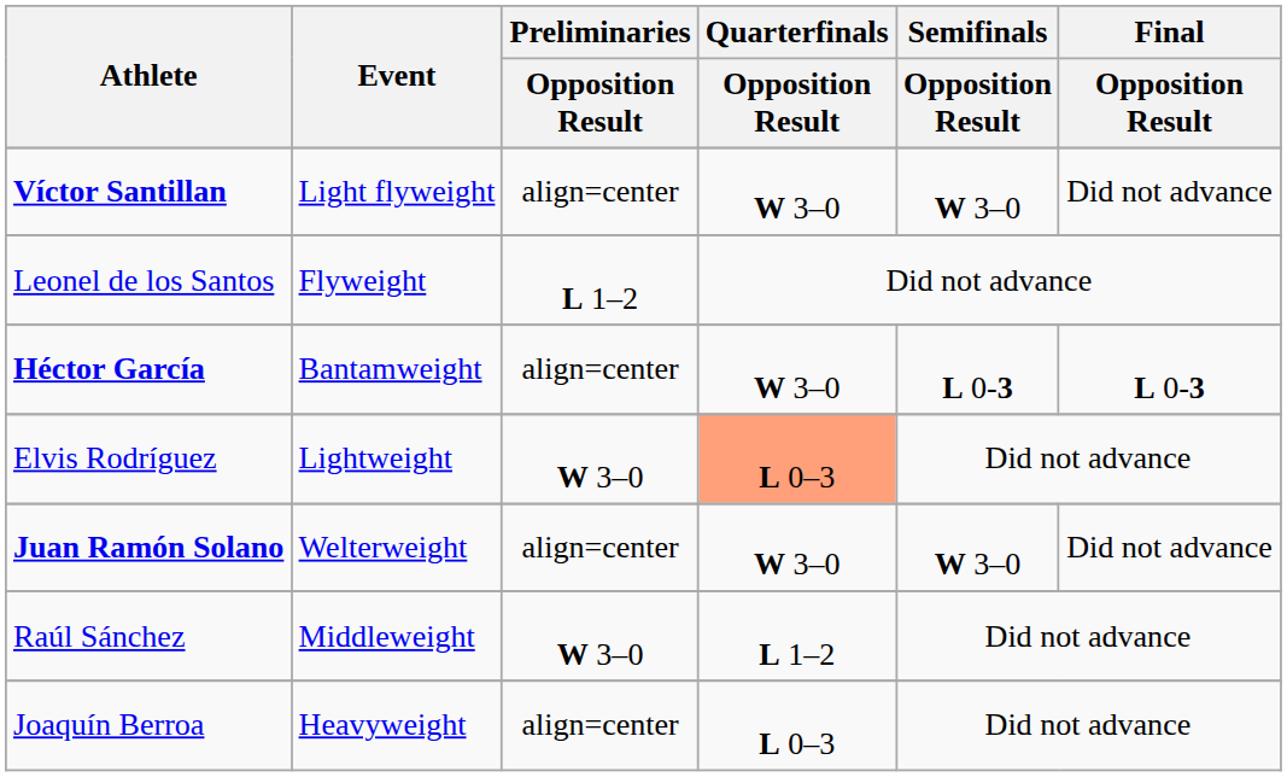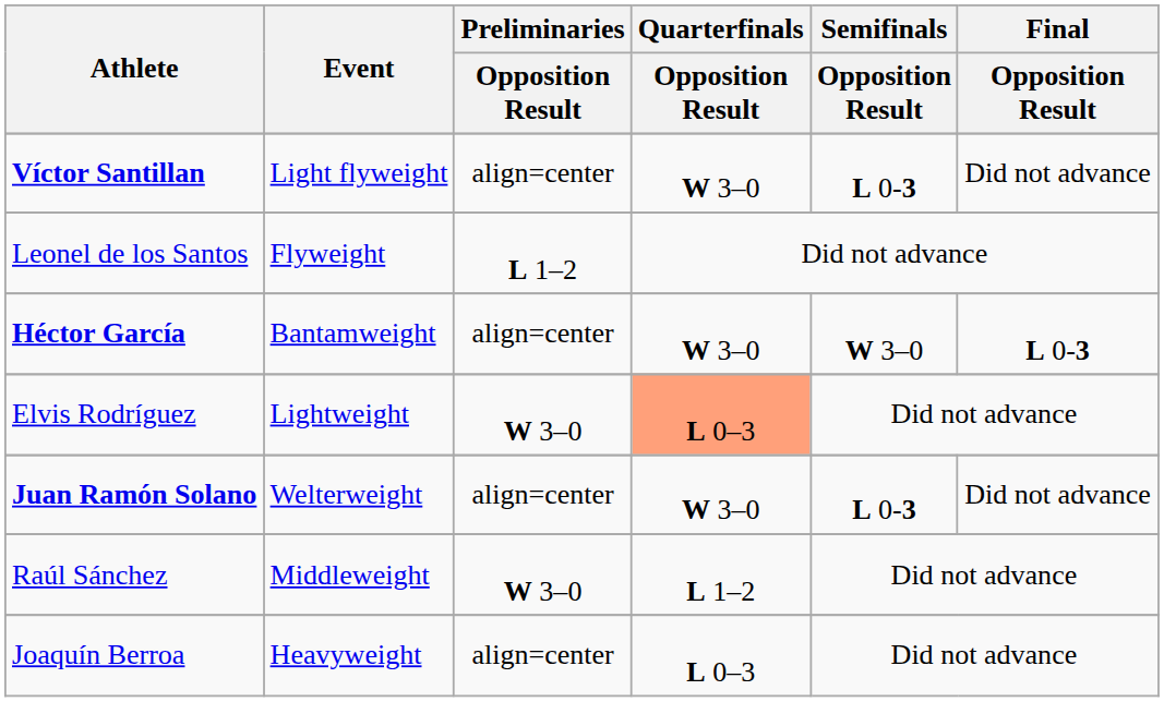 <table class="wikitable" border="1" style="font-size:90%">
 <tr>
 <th rowspan=2>Athlete</th>
 <th rowspan=2>Event</th>
 <th>Preliminaries</th>
 <th>Quarterfinals</th>
 <th>Semifinals</th>
 <th>Final</th>
 </tr>
 <tr>
 <th>Opposition<br>Result</th>
 <th>Opposition<br>Result</th>
 <th>Opposition<br>Result</th>
 <th>Opposition<br>Result</th>
 </tr>
 <tr>
 </tr>
 <tr align=center>
 <td align=left><strong><a href='#'>Víctor Santillan</a></strong></td>
 <td align=left><a href='#'>Light flyweight</a></td>
 <td>align=center </td>
 <td><br><strong>W</strong> 3–0</td>
-<td align=center><br><strong>W</strong> 3–0</td>
+<td><br><strong>L</strong> 0-<strong>3</strong> </td>
 <td>Did not advance</td>
 </tr>
 <tr>
 </tr>
 <tr align=center>
 <td align=left><a href='#'>Leonel de los Santos</a></td>
 <td align=left><a href='#'>Flyweight</a></td>
 <td><br><strong>L</strong> 1–2</td>
 <td colspan=3>Did not advance</td>
 </tr>
 <tr>
 </tr>
 <tr align=center>
 <td align=left><strong><a href='#'>Héctor García</a> </strong></td>
 <td align=left><a href='#'>Bantamweight</a></td>
 <td>align=center </td>
 <td><br><strong>W</strong> 3–0</td>
-<td><br><strong>L</strong> 0-<strong>3</strong> </td>
+<td align=center><br><strong>W</strong> 3–0</td>
 <td align=center><br><strong>L</strong> 0-<strong>3</strong> </td>
 </tr>
 <tr>
 </tr>
 <tr align=center>
 <td align=left><a href='#'>Elvis Rodríguez</a></td>
 <td align=left><a href='#'>Lightweight</a></td>
 <td><br><strong>W</strong> 3–0</td>
 <td style="background: lightsalmon;"><br><strong>L</strong> 0–3</td>
 <td colspan=2>Did not advance</td>
 </tr>
 <tr>
 </tr>
 <tr align=center>
 <td align=left><strong><a href='#'>Juan Ramón Solano</a></strong></td>
 <td align=left><a href='#'>Welterweight</a></td>
 <td>align=center </td>
 <td><br><strong>W</strong> 3–0</td>
-<td align=center><br><strong>W</strong> 3–0</td>
+<td><br><strong>L</strong> 0-<strong>3</strong> </td>
 <td>Did not advance</td>
 </tr>
 <tr>
 </tr>
 <tr align=center>
 <td align=left><a href='#'>Raúl Sánchez</a></td>
 <td align=left><a href='#'>Middleweight</a></td>
 <td><br><strong>W</strong> 3–0</td>
 <td><br><strong>L</strong> 1–2</td>
 <td colspan=3>Did not advance</td>
 </tr>
 <tr>
 </tr>
 <tr align=center>
 <td align=left><a href='#'>Joaquín Berroa</a></td>
 <td align=left><a href='#'>Heavyweight</a></td>
 <td>align=center </td>
 <td><br><strong>L</strong> 0–3</td>
 <td colspan=2>Did not advance</td>
 </tr>
 </table>
